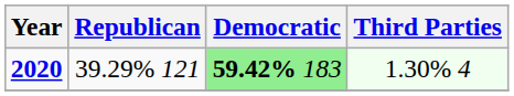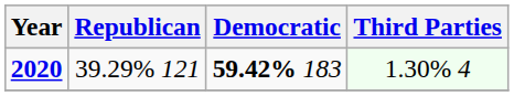 <table class="wikitable" style="float:right; font-size:95%;">
 <tr bgcolor=lightgrey>
 <th>Year</th>
 <th><a href='#'>Republican</a></th>
 <th><a href='#'>Democratic</a></th>
 <th><a href='#'>Third Parties</a></th>
 </tr>
 <tr>
 <td style="text-align:center; "><strong><a href='#'>2020</a></strong></td>
 <td style="text-align:center; ">39.29% <em>121</em></td>
-<td style="background: lightgreen; text-align:center; "><strong>59.42%</strong> <em>183</em></td>
+<td style="text-align:center; "><strong>59.42%</strong> <em>183</em></td>
 <td style="text-align:center; background:honeyDew;">1.30% <em>4</em></td>
 </tr>
 <tr>
 </tr>
 </table>
